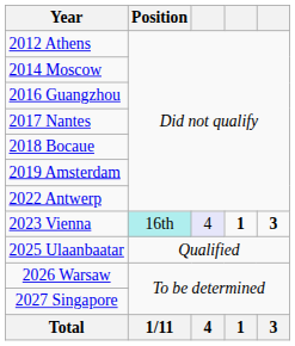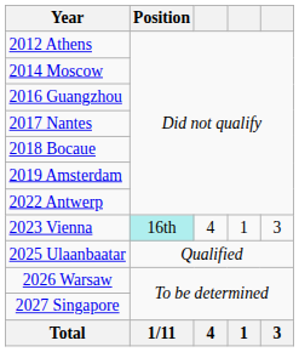 <table class="wikitable" style="text-align: center;">
 <tr>
 <th>Year</th>
 <th>Position</th>
 <th width=25px></th>
 <th width=25px></th>
 <th width=25px></th>
 </tr>
 <tr>
 <td style="text-align:left;"> <a href='#'>2012 Athens</a></td>
 <td colspan=4 rowspan=7><em>Did not qualify</em></td>
 </tr>
 <tr>
 <td style="text-align:left;"> <a href='#'>2014 Moscow</a></td>
 </tr>
 <tr>
 <td style="text-align:left;"> <a href='#'>2016 Guangzhou</a></td>
 </tr>
 <tr>
 <td style="text-align:left;"> <a href='#'>2017 Nantes</a></td>
 </tr>
 <tr>
 <td style="text-align:left;"> <a href='#'>2018 Bocaue</a></td>
 </tr>
 <tr>
 <td style="text-align:left;"> <a href='#'>2019 Amsterdam</a></td>
 </tr>
 <tr>
 <td style="text-align:left;"> <a href='#'>2022 Antwerp</a></td>
 </tr>
 <tr>
 <td style="text-align:left;"> <a href='#'>2023 Vienna</a></td>
 <td style="background: paleturquoise;">16th</td>
-<td style="background: lavender;">4</td>
-<td><strong>1</strong></td>
-<td><strong>3</strong></td>
+<td>4</td>
+<td>1</td>
+<td>3</td>
 </tr>
 <tr>
 <td style="text-align:left;"> <a href='#'>2025 Ulaanbaatar</a></td>
 <td colspan=4><em>Qualified</em></td>
 </tr>
 <tr>
 <td style="text-align:left:"> <a href='#'>2026 Warsaw</a></td>
 <td colspan=4 rowspan=2><em>To be determined</em></td>
 </tr>
 <tr>
 <td style="text-align:left:"> <a href='#'>2027 Singapore</a></td>
 </tr>
 <tr>
 <th>Total</th>
 <th>1/11</th>
 <th>4</th>
 <th>1</th>
 <th>3</th>
 </tr>
 </table>
